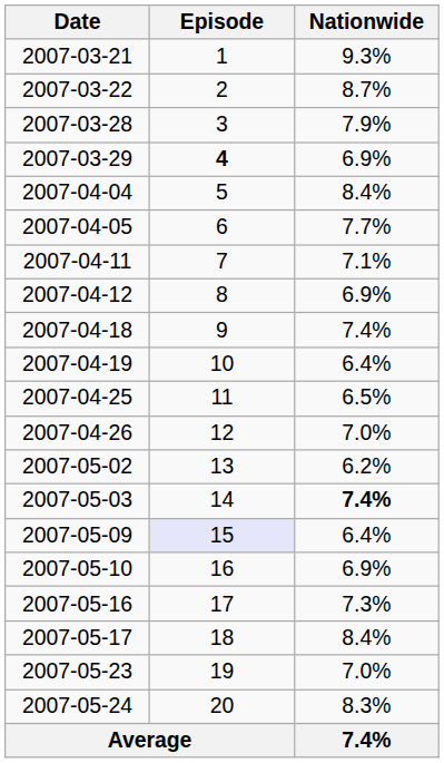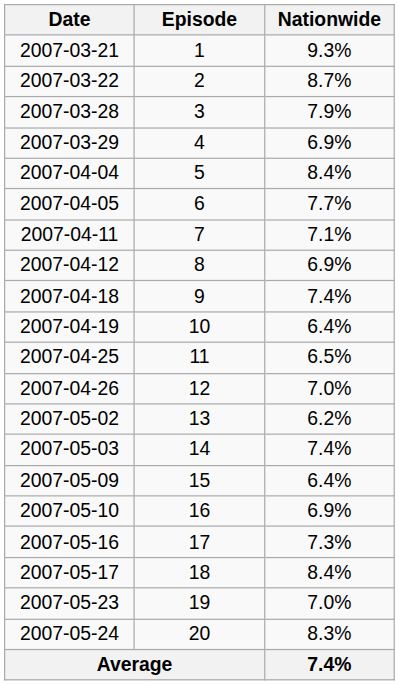 <table class="wikitable">
 <tr>
 <th width=100>Date</th>
 <th width=100>Episode</th>
 <th width=100>Nationwide</th>
 </tr>
 <tr align=center>
 <td>2007-03-21</td>
 <td>1</td>
 <td>9.3%</td>
 </tr>
 <tr align=center>
 <td>2007-03-22</td>
 <td>2</td>
 <td>8.7%</td>
 </tr>
 <tr align=center>
 <td>2007-03-28</td>
 <td>3</td>
 <td>7.9%</td>
 </tr>
 <tr align=center>
 <td>2007-03-29</td>
-<td><strong>4</strong></td>
+<td>4</td>
 <td>6.9%</td>
 </tr>
 <tr align=center>
 <td>2007-04-04</td>
 <td>5</td>
 <td>8.4%</td>
 </tr>
 <tr align=center>
 <td>2007-04-05</td>
 <td>6</td>
 <td>7.7%</td>
 </tr>
 <tr align=center>
 <td>2007-04-11</td>
 <td>7</td>
 <td>7.1%</td>
 </tr>
 <tr align=center>
 <td>2007-04-12</td>
 <td>8</td>
 <td>6.9%</td>
 </tr>
 <tr align=center>
 <td>2007-04-18</td>
 <td>9</td>
 <td>7.4%</td>
 </tr>
 <tr align=center>
 <td>2007-04-19</td>
 <td>10</td>
 <td>6.4%</td>
 </tr>
 <tr align=center>
 <td>2007-04-25</td>
 <td>11</td>
 <td>6.5%</td>
 </tr>
 <tr align=center>
 <td>2007-04-26</td>
 <td>12</td>
 <td>7.0%</td>
 </tr>
 <tr align=center>
 <td>2007-05-02</td>
 <td>13</td>
 <td>6.2%</td>
 </tr>
 <tr align=center>
 <td>2007-05-03</td>
 <td>14</td>
-<td><strong>7.4%</strong></td>
+<td>7.4%</td>
 </tr>
 <tr align=center>
 <td>2007-05-09</td>
-<td style="background: lavender;">15</td>
+<td>15</td>
 <td>6.4%</td>
 </tr>
 <tr align=center>
 <td>2007-05-10</td>
 <td>16</td>
 <td>6.9%</td>
 </tr>
 <tr align=center>
 <td>2007-05-16</td>
 <td>17</td>
 <td>7.3%</td>
 </tr>
 <tr align=center>
 <td>2007-05-17</td>
 <td>18</td>
 <td>8.4%</td>
 </tr>
 <tr align=center>
 <td>2007-05-23</td>
 <td>19</td>
 <td>7.0%</td>
 </tr>
 <tr align=center>
 <td>2007-05-24</td>
 <td>20</td>
 <td>8.3%</td>
 </tr>
 <tr align="center">
 <th colspan=2>Average</th>
 <th>7.4%</th>
 </tr>
 </table>
